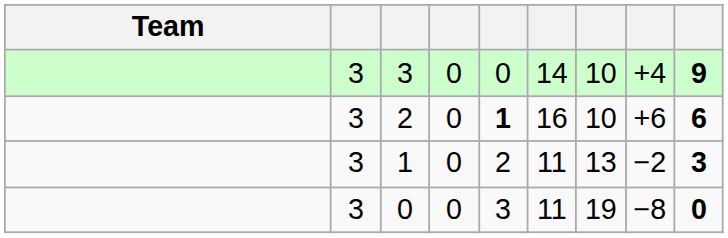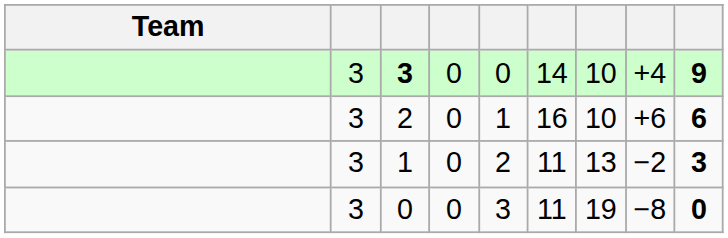 <table class="wikitable" style="text-align: center;">
 <tr>
 <th width="175">Team</th>
 <th width="20"></th>
 <th width="20"></th>
 <th width="20"></th>
 <th width="20"></th>
 <th width="20"></th>
 <th width="20"></th>
 <th width="20"></th>
 <th width="20"></th>
 </tr>
 <tr bgcolor="#ccffcc">
 <td align=left></td>
 <td>3</td>
-<td>3</td>
+<td><strong>3</strong></td>
 <td>0</td>
 <td>0</td>
 <td>14</td>
 <td>10</td>
 <td>+4</td>
 <td><strong>9</strong></td>
 </tr>
 <tr>
 <td align=left></td>
 <td>3</td>
 <td>2</td>
 <td>0</td>
-<td><strong>1</strong></td>
+<td>1</td>
 <td>16</td>
 <td>10</td>
 <td>+6</td>
 <td><strong>6</strong></td>
 </tr>
 <tr>
 <td align=left></td>
 <td>3</td>
 <td>1</td>
 <td>0</td>
 <td>2</td>
 <td>11</td>
 <td>13</td>
 <td>−2</td>
 <td><strong>3</strong></td>
 </tr>
 <tr>
 <td align=left></td>
 <td>3</td>
 <td>0</td>
 <td>0</td>
 <td>3</td>
 <td>11</td>
 <td>19</td>
 <td>−8</td>
 <td><strong>0</strong></td>
 </tr>
 </table>
